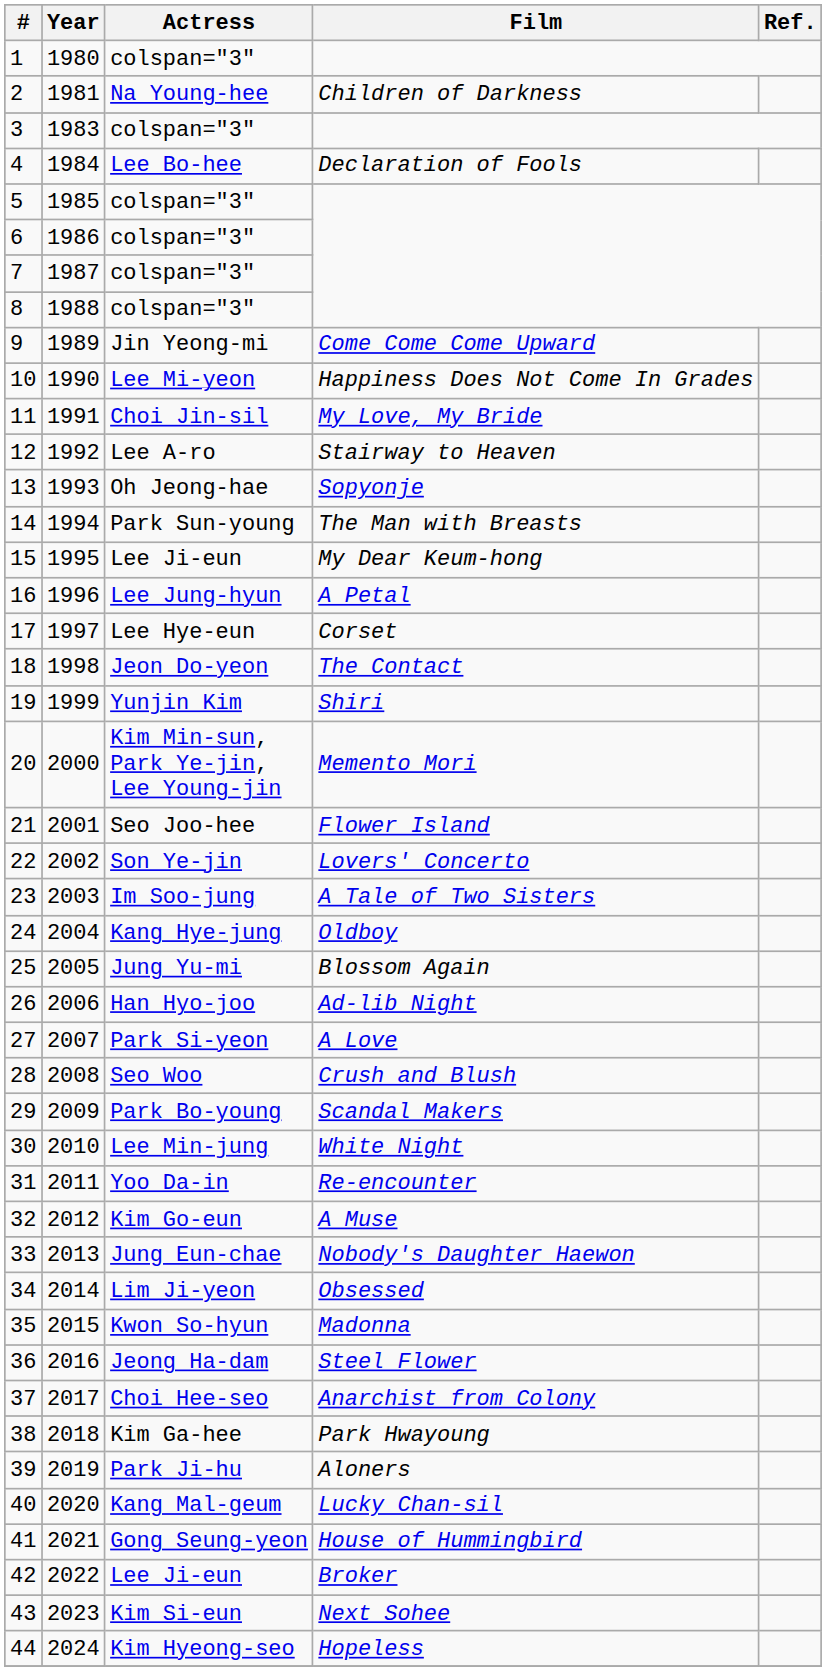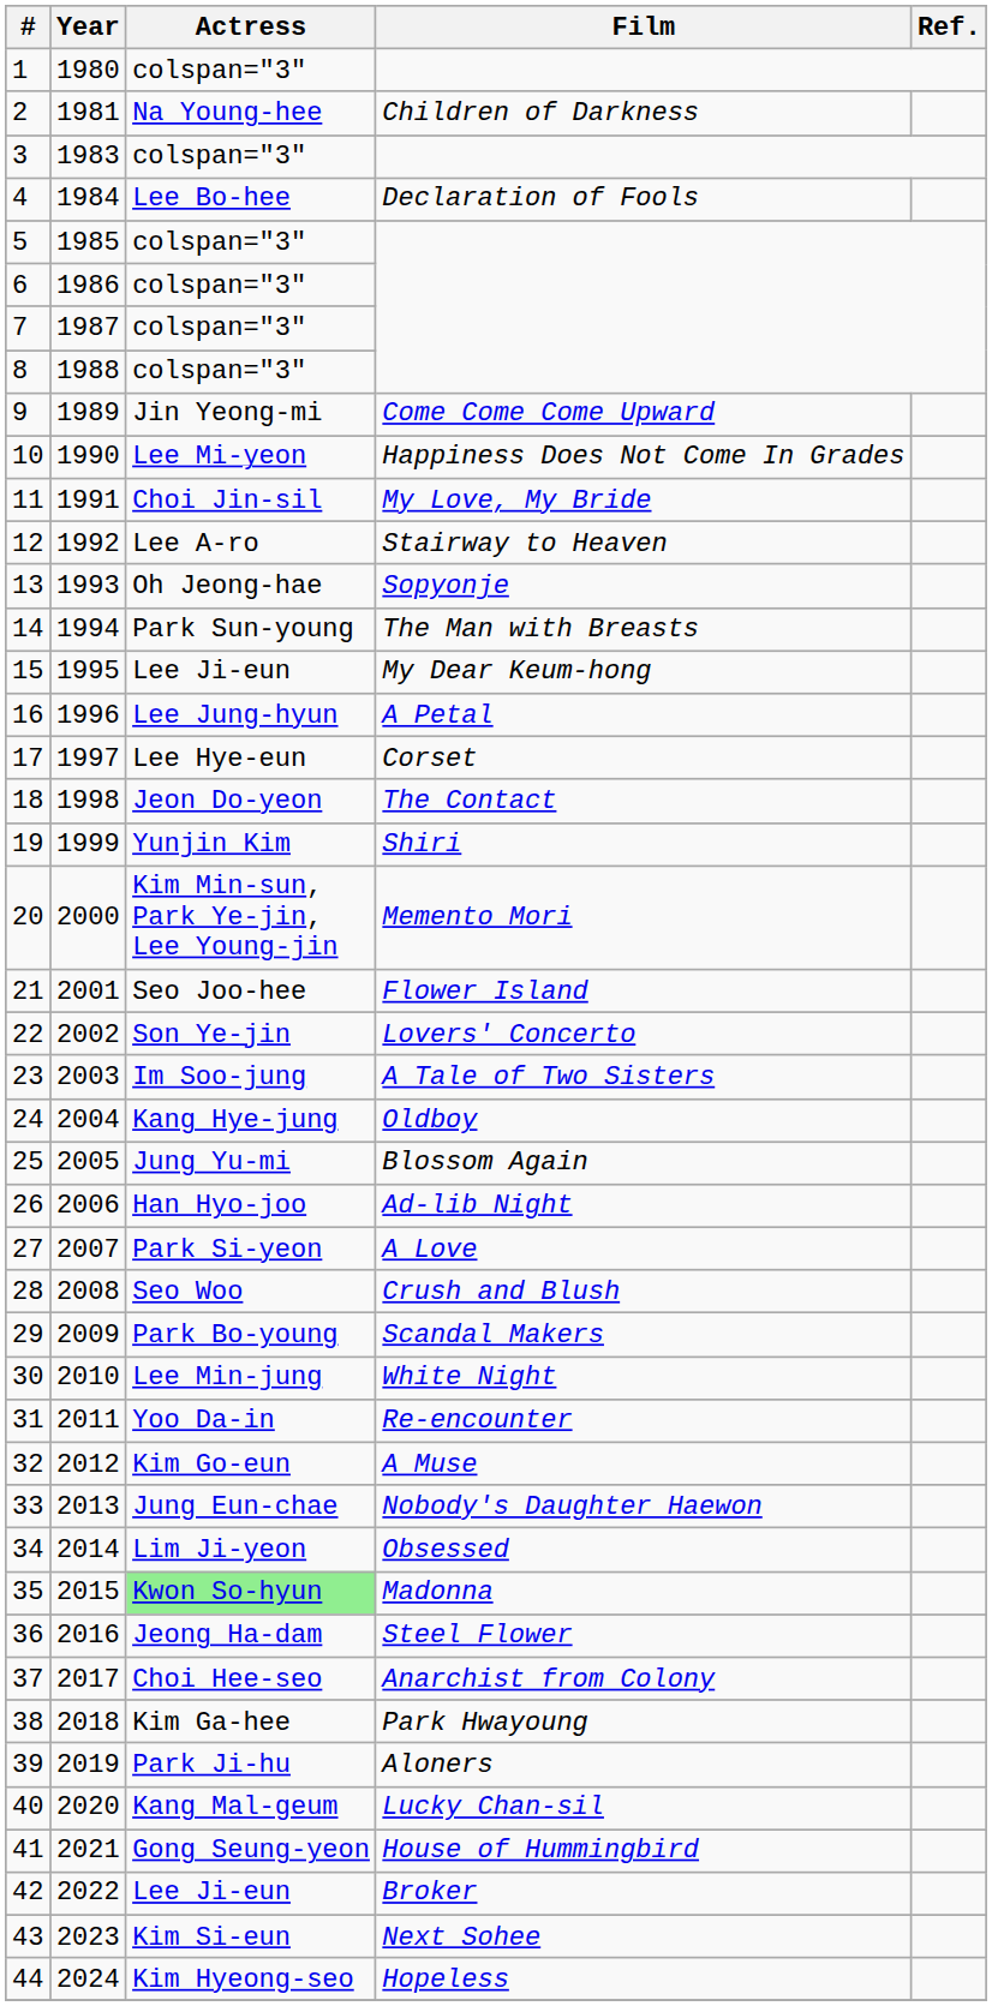 <table class="wikitable">
 <tr>
 <th>#</th>
 <th>Year</th>
 <th>Actress</th>
 <th>Film</th>
 <th>Ref.</th>
 </tr>
 <tr>
 <td>1</td>
 <td>1980</td>
 <td>colspan="3" </td>
 </tr>
 <tr>
 <td>2</td>
 <td>1981</td>
 <td><a href='#'>Na Young-hee</a></td>
 <td><em>Children of Darkness</em></td>
 <td></td>
 </tr>
 <tr>
 <td>3</td>
 <td>1983</td>
 <td>colspan="3" </td>
 </tr>
 <tr>
 <td>4</td>
 <td>1984</td>
 <td><a href='#'>Lee Bo-hee</a></td>
 <td><em>Declaration of Fools</em></td>
 <td></td>
 </tr>
 <tr>
 <td>5</td>
 <td>1985</td>
 <td>colspan="3" </td>
 </tr>
 <tr>
 <td>6</td>
 <td>1986</td>
 <td>colspan="3" </td>
 </tr>
 <tr>
 <td>7</td>
 <td>1987</td>
 <td>colspan="3" </td>
 </tr>
 <tr>
 <td>8</td>
 <td>1988</td>
 <td>colspan="3" </td>
 </tr>
 <tr>
 <td>9</td>
 <td>1989</td>
 <td>Jin Yeong-mi</td>
 <td><em><a href='#'>Come Come Come Upward</a></em></td>
 <td></td>
 </tr>
 <tr>
 <td>10</td>
 <td>1990</td>
 <td><a href='#'>Lee Mi-yeon</a></td>
 <td><em>Happiness Does Not Come In Grades</em></td>
 <td></td>
 </tr>
 <tr>
 <td>11</td>
 <td>1991</td>
 <td><a href='#'>Choi Jin-sil</a></td>
 <td><em><a href='#'>My Love, My Bride</a></em></td>
 <td></td>
 </tr>
 <tr>
 <td>12</td>
 <td>1992</td>
 <td>Lee A-ro</td>
 <td><em>Stairway to Heaven</em></td>
 <td></td>
 </tr>
 <tr>
 <td>13</td>
 <td>1993</td>
 <td>Oh Jeong-hae</td>
 <td><em><a href='#'>Sopyonje</a></em></td>
 <td></td>
 </tr>
 <tr>
 <td>14</td>
 <td>1994</td>
 <td>Park Sun-young</td>
 <td><em>The Man with Breasts</em></td>
 <td></td>
 </tr>
 <tr>
 <td>15</td>
 <td>1995</td>
 <td>Lee Ji-eun</td>
 <td><em>My Dear Keum-hong</em></td>
 <td></td>
 </tr>
 <tr>
 <td>16</td>
 <td>1996</td>
 <td><a href='#'>Lee Jung-hyun</a></td>
 <td><em><a href='#'>A Petal</a></em></td>
 <td></td>
 </tr>
 <tr>
 <td>17</td>
 <td>1997</td>
 <td>Lee Hye-eun</td>
 <td><em>Corset</em></td>
 <td></td>
 </tr>
 <tr>
 <td>18</td>
 <td>1998</td>
 <td><a href='#'>Jeon Do-yeon</a></td>
 <td><em><a href='#'>The Contact</a></em></td>
 <td></td>
 </tr>
 <tr>
 <td>19</td>
 <td>1999</td>
 <td><a href='#'>Yunjin Kim</a></td>
 <td><em><a href='#'>Shiri</a></em></td>
 <td></td>
 </tr>
 <tr>
 <td>20</td>
 <td>2000</td>
 <td><a href='#'>Kim Min-sun</a>, <br> <a href='#'>Park Ye-jin</a>, <br> <a href='#'>Lee Young-jin</a></td>
 <td><em><a href='#'>Memento Mori</a></em></td>
 <td></td>
 </tr>
 <tr>
 <td>21</td>
 <td>2001</td>
 <td>Seo Joo-hee</td>
 <td><em><a href='#'>Flower Island</a></em></td>
 <td></td>
 </tr>
 <tr>
 <td>22</td>
 <td>2002</td>
 <td><a href='#'>Son Ye-jin</a></td>
 <td><em><a href='#'>Lovers' Concerto</a></em></td>
 <td></td>
 </tr>
 <tr>
 <td>23</td>
 <td>2003</td>
 <td><a href='#'>Im Soo-jung</a></td>
 <td><em><a href='#'>A Tale of Two Sisters</a></em></td>
 <td></td>
 </tr>
 <tr>
 <td>24</td>
 <td>2004</td>
 <td><a href='#'>Kang Hye-jung</a></td>
 <td><em><a href='#'>Oldboy</a></em></td>
 <td></td>
 </tr>
 <tr>
 <td>25</td>
 <td>2005</td>
 <td><a href='#'>Jung Yu-mi</a></td>
 <td><em>Blossom Again</em></td>
 <td></td>
 </tr>
 <tr>
 <td>26</td>
 <td>2006</td>
 <td><a href='#'>Han Hyo-joo</a></td>
 <td><em><a href='#'>Ad-lib Night</a></em></td>
 <td></td>
 </tr>
 <tr>
 <td>27</td>
 <td>2007</td>
 <td><a href='#'>Park Si-yeon</a></td>
 <td><em><a href='#'>A Love</a></em></td>
 <td></td>
 </tr>
 <tr>
 <td>28</td>
 <td>2008</td>
 <td><a href='#'>Seo Woo</a></td>
 <td><em><a href='#'>Crush and Blush</a></em></td>
 <td></td>
 </tr>
 <tr>
 <td>29</td>
 <td>2009</td>
 <td><a href='#'>Park Bo-young</a></td>
 <td><em><a href='#'>Scandal Makers</a></em></td>
 <td></td>
 </tr>
 <tr>
 <td>30</td>
 <td>2010</td>
 <td><a href='#'>Lee Min-jung</a></td>
 <td><em><a href='#'>White Night</a></em></td>
 <td></td>
 </tr>
 <tr>
 <td>31</td>
 <td>2011</td>
 <td><a href='#'>Yoo Da-in</a></td>
 <td><em><a href='#'>Re-encounter</a></em></td>
 <td></td>
 </tr>
 <tr>
 <td>32</td>
 <td>2012</td>
 <td><a href='#'>Kim Go-eun</a></td>
 <td><em><a href='#'>A Muse</a></em></td>
 <td></td>
 </tr>
 <tr>
 <td>33</td>
 <td>2013</td>
 <td><a href='#'>Jung Eun-chae</a></td>
 <td><em><a href='#'>Nobody's Daughter Haewon</a></em></td>
 <td></td>
 </tr>
 <tr>
 <td>34</td>
 <td>2014</td>
 <td><a href='#'>Lim Ji-yeon</a></td>
 <td><em><a href='#'>Obsessed</a></em></td>
 <td></td>
 </tr>
 <tr>
 <td>35</td>
 <td>2015</td>
-<td><a href='#'>Kwon So-hyun</a></td>
+<td style="background: lightgreen;"><a href='#'>Kwon So-hyun</a></td>
 <td><em><a href='#'>Madonna</a></em></td>
 <td></td>
 </tr>
 <tr>
 <td>36</td>
 <td>2016</td>
 <td><a href='#'>Jeong Ha-dam</a></td>
 <td><em><a href='#'>Steel Flower</a></em></td>
 <td></td>
 </tr>
 <tr>
 <td>37</td>
 <td>2017</td>
 <td><a href='#'>Choi Hee-seo</a></td>
 <td><em><a href='#'>Anarchist from Colony</a></em></td>
 <td></td>
 </tr>
 <tr>
 <td>38</td>
 <td>2018</td>
 <td>Kim Ga-hee</td>
 <td><em>Park Hwayoung</em></td>
 <td></td>
 </tr>
 <tr>
 <td>39</td>
 <td>2019</td>
 <td><a href='#'>Park Ji-hu</a></td>
 <td><em>Aloners</em></td>
 <td></td>
 </tr>
 <tr>
 <td>40</td>
 <td>2020</td>
 <td><a href='#'>Kang Mal-geum</a></td>
 <td><em><a href='#'>Lucky Chan-sil</a></em></td>
 </tr>
 <tr>
 <td>41</td>
 <td>2021</td>
 <td><a href='#'>Gong Seung-yeon</a></td>
 <td><em><a href='#'>House of Hummingbird</a></em></td>
 <td></td>
 </tr>
 <tr>
 <td>42</td>
 <td>2022</td>
 <td><a href='#'>Lee Ji-eun</a></td>
 <td><em><a href='#'>Broker</a></em></td>
 <td></td>
 </tr>
 <tr>
 <td>43</td>
 <td>2023</td>
 <td><a href='#'>Kim Si-eun</a></td>
 <td><em><a href='#'>Next Sohee</a></em></td>
 <td></td>
 </tr>
 <tr>
 <td>44</td>
 <td>2024</td>
 <td><a href='#'>Kim Hyeong-seo</a></td>
 <td><em><a href='#'>Hopeless</a></em></td>
 <td></td>
 </tr>
 <tr>
 </tr>
 </table>
